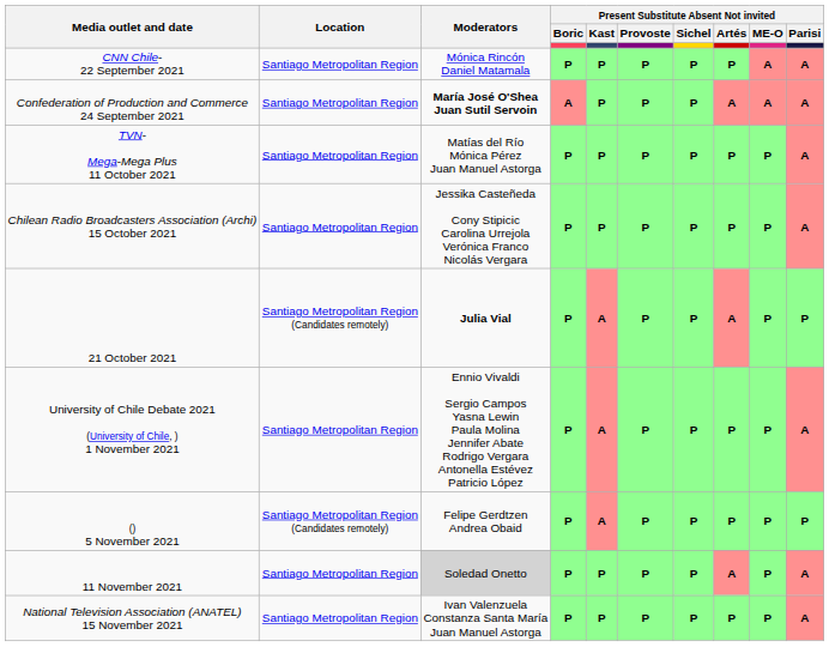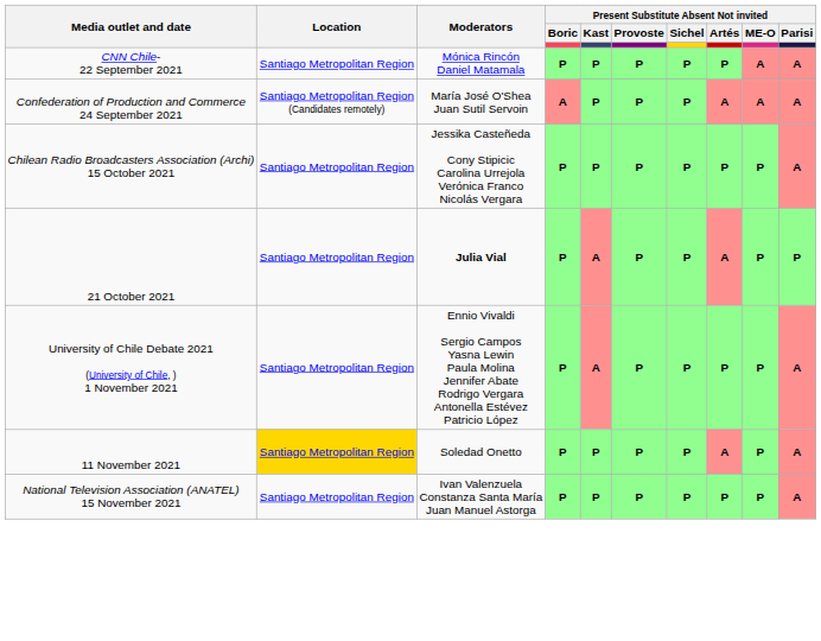 <table class="wikitable" style="text-align:center; font-size:95%">
 <tr>
 <th rowspan="3">Media outlet and date</th>
 <th rowspan="3">Location</th>
 <th rowspan="3">Moderators</th>
 <th colspan="7"><small> Present     Substitute      Absent     Not invited</small></th>
 </tr>
 <tr>
 <th>Boric</th>
 <th>Kast</th>
 <th>Provoste</th>
 <th>Sichel</th>
 <th>Artés</th>
 <th>ME-O</th>
 <th>Parisi</th>
 </tr>
 <tr>
 <td style="background:#fc415c;"></td>
 <td style="background:#31446c;"></td>
 <td style="background:purple;"></td>
 <td style="background:gold;"></td>
 <td style="background:#c00;"></td>
 <td style="background:#e02385;"></td>
 <td style="background:#181644;"></td>
 </tr>
 <tr>
 <td><em><a href='#'>CNN Chile</a></em>-<em></em><br> 22 September 2021</td>
 <td><a href='#'>Santiago Metropolitan Region</a></td>
 <td><a href='#'>Mónica Rincón</a><br><a href='#'>Daniel Matamala</a></td>
 <td style="background:#90ff90;"><strong>P</strong></td>
 <td style="background:#90ff90;"><strong>P</strong></td>
 <td style="background:#90ff90;"><strong>P</strong></td>
 <td style="background:#90ff90;"><strong>P</strong></td>
 <td style="background:#90ff90;"><strong>P</strong></td>
 <td style="background:#ff9090;"><strong>A</strong></td>
 <td style="background:#ff9090;"><strong>A</strong></td>
 </tr>
 <tr>
 <td><em></em><br><em>Confederation of Production and Commerce</em><br> 24 September 2021</td>
-<td><a href='#'>Santiago Metropolitan Region</a></td>
-<td><strong>María José O'Shea<br>Juan Sutil Servoin</strong></td>
+<td><a href='#'>Santiago Metropolitan Region</a><br><small>(Candidates remotely)</small></td>
+<td>María José O'Shea<br>Juan Sutil Servoin</td>
 <td style="background:#ff9090;"><strong>A</strong></td>
 <td style="background:#90ff90;"><strong>P</strong></td>
 <td style="background:#90ff90;"><strong>P</strong></td>
 <td style="background:#90ff90;"><strong>P</strong></td>
 <td style="background:#ff9090;"><strong>A</strong></td>
 <td style="background:#ff9090;"><strong>A</strong></td>
-<td style="background:#ff9090;"><strong>A</strong></td>
-</tr>
-<tr>
-<td><em><a href='#'>TVN</a></em>-<em></em><br><em></em><br><em><a href='#'>Mega</a></em>-<em>Mega Plus</em><br> 11 October 2021</td>
-<td><a href='#'>Santiago Metropolitan Region</a></td>
-<td>Matías del Río<br>Mónica Pérez<br>Juan Manuel Astorga</td>
-<td style="background:#90ff90;"><strong>P</strong></td>
-<td style="background:#90ff90;"><strong>P</strong></td>
-<td style="background:#90ff90;"><strong>P</strong></td>
-<td style="background:#90ff90;"><strong>P</strong></td>
-<td style="background:#90ff90;"><strong>P</strong></td>
-<td style="background:#90ff90;"><strong>P</strong></td>
 <td style="background:#ff9090;"><strong>A</strong></td>
 </tr>
 <tr>
 <td><em>Chilean Radio Broadcasters Association (Archi)</em><br> 15 October 2021</td>
 <td><a href='#'>Santiago Metropolitan Region</a></td>
 <td>Jessika Casteñeda<br><br>Cony Stipicic<br> Carolina Urrejola<br> Verónica Franco<br> Nicolás Vergara</td>
 <td style="background:#90ff90;"><strong>P</strong></td>
 <td style="background:#90ff90;"><strong>P</strong></td>
 <td style="background:#90ff90;"><strong>P</strong></td>
 <td style="background:#90ff90;"><strong>P</strong></td>
 <td style="background:#90ff90;"><strong>P</strong></td>
 <td style="background:#90ff90;"><strong>P</strong></td>
 <td style="background:#ff9090;"><strong>A</strong></td>
 </tr>
 <tr>
 <td><br><br><br> <br> <br> <br> 21 October 2021</td>
-<td><a href='#'>Santiago Metropolitan Region</a><br><small>(Candidates remotely)</small></td>
+<td><a href='#'>Santiago Metropolitan Region</a></td>
 <td><strong>Julia Vial</strong></td>
 <td style="background:#90ff90;"><strong>P</strong></td>
 <td style="background:#ff9090;"><strong>A</strong></td>
 <td style="background:#90ff90;"><strong>P</strong></td>
 <td style="background:#90ff90;"><strong>P</strong></td>
 <td style="background:#ff9090;"><strong>A</strong></td>
 <td style="background:#90ff90;"><strong>P</strong></td>
 <td style="background:#90ff90;"><strong>P</strong></td>
 </tr>
 <tr>
 <td>University of Chile Debate 2021<br><br><small>(<a href='#'>University of Chile</a>, )</small><br> 1 November 2021</td>
 <td><a href='#'>Santiago Metropolitan Region</a></td>
 <td>Ennio Vivaldi<br><br>Sergio Campos<br> Yasna Lewin<br> Paula Molina<br> Jennifer Abate<br> Rodrigo Vergara<br> Antonella Estévez<br> Patricio López</td>
 <td style="background:#90ff90;"><strong>P</strong></td>
 <td style="background:#ff9090;"><strong>A</strong></td>
 <td style="background:#90ff90;"><strong>P</strong></td>
 <td style="background:#90ff90;"><strong>P</strong></td>
 <td style="background:#90ff90;"><strong>P</strong></td>
 <td style="background:#90ff90;"><strong>P</strong></td>
 <td style="background:#ff9090;"><strong>A</strong></td>
 </tr>
 <tr>
-<td><br><br><small>()</small><br>5 November 2021</td>
-<td><a href='#'>Santiago Metropolitan Region</a><br><small>(Candidates remotely)</small></td>
-<td>Felipe Gerdtzen<br>Andrea Obaid</td>
-<td style="background:#90ff90;"><strong>P</strong></td>
-<td style="background:#ff9090;"><strong>A</strong></td>
-<td style="background:#90ff90;"><strong>P</strong></td>
-<td style="background:#90ff90;"><strong>P</strong></td>
-<td style="background:#90ff90;"><strong>P</strong></td>
-<td style="background:#90ff90;"><strong>P</strong></td>
-<td style="background:#90ff90;"><strong>P</strong></td>
-</tr>
-<tr>
 <td><br><br>11 November 2021</td>
-<td><a href='#'>Santiago Metropolitan Region</a></td>
-<td style="background: lightgrey;">Soledad Onetto</td>
+<td style="background: gold;"><a href='#'>Santiago Metropolitan Region</a></td>
+<td>Soledad Onetto</td>
 <td style="background:#90ff90;"><strong>P</strong></td>
 <td style="background:#90ff90;"><strong>P</strong></td>
 <td style="background:#90ff90;"><strong>P</strong></td>
 <td style="background:#90ff90;"><strong>P</strong></td>
 <td style="background:#ff9090;"><strong>A</strong></td>
 <td style="background:#90ff90;"><strong>P</strong></td>
 <td style="background:#ff9090;"><strong>A</strong></td>
 </tr>
 <tr>
 <td><em>National Television Association (ANATEL)</em><br> 15 November 2021</td>
 <td><a href='#'>Santiago Metropolitan Region</a></td>
 <td>Ivan Valenzuela<br>Constanza Santa María<br>Juan Manuel Astorga<br></td>
 <td style="background:#90ff90;"><strong>P</strong></td>
 <td style="background:#90ff90;"><strong>P</strong></td>
 <td style="background:#90ff90;"><strong>P</strong></td>
 <td style="background:#90ff90;"><strong>P</strong></td>
 <td style="background:#90ff90;"><strong>P</strong></td>
 <td style="background:#90ff90;"><strong>P</strong></td>
 <td style="background:#ff9090;"><strong>A</strong></td>
 </tr>
 </table>
